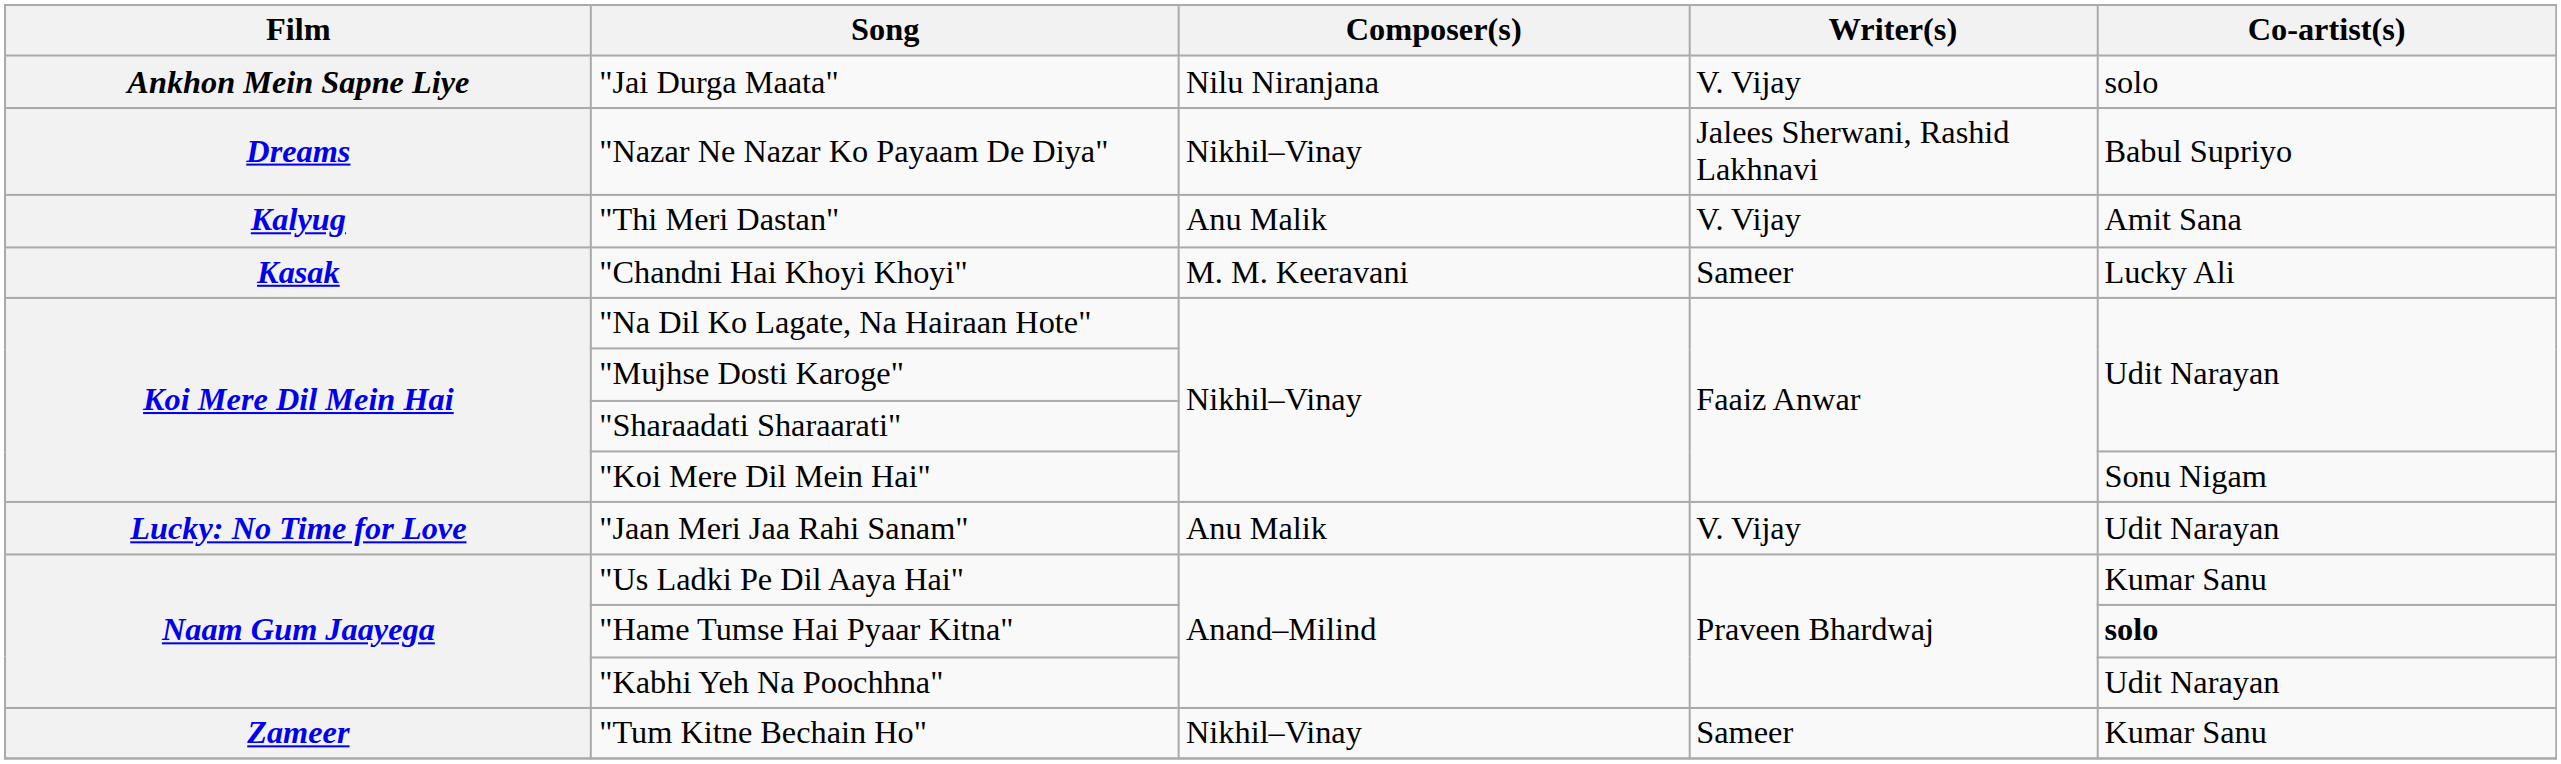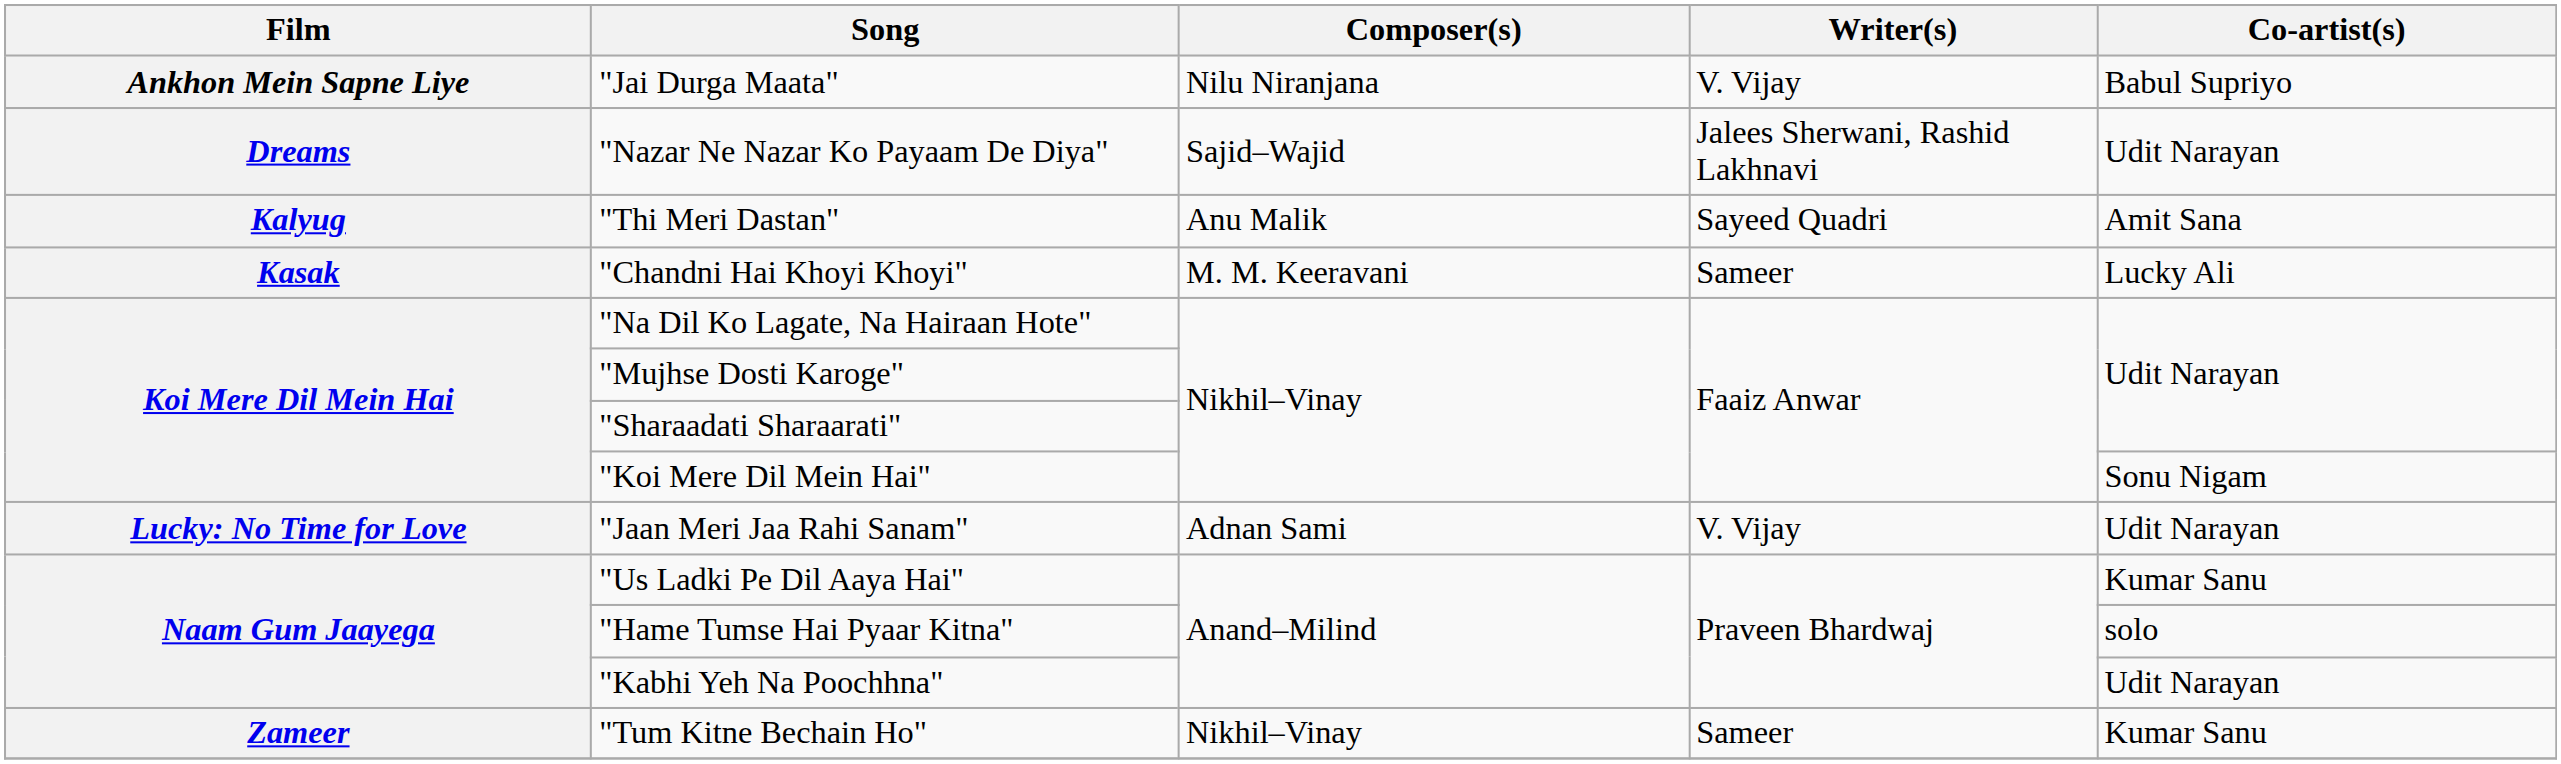 <table class="wikitable plainrowheaders" style="width:100%; textcolor:#000">
 <tr style="background:#b0e0e66;">
 <th scope="col" style="width:23%;"><strong>Film</strong></th>
 <th scope="col" style="width:23%;"><strong>Song</strong></th>
 <th scope="col" style="width:20%;"><strong>Composer(s)</strong></th>
 <th scope="col" style="width:16%;"><strong>Writer(s)</strong></th>
 <th scope="col" style="width:18%;"><strong>Co-artist(s)</strong></th>
 </tr>
 <tr>
 <th><em>Ankhon Mein Sapne Liye</em></th>
 <td>"Jai Durga Maata"</td>
 <td>Nilu Niranjana</td>
 <td>V. Vijay</td>
-<td>solo</td>
+<td>Babul Supriyo</td>
 </tr>
 <tr>
 <th><em><a href='#'>Dreams</a></em></th>
 <td>"Nazar Ne Nazar Ko Payaam De Diya"</td>
-<td>Nikhil–Vinay</td>
+<td>Sajid–Wajid</td>
 <td>Jalees Sherwani, Rashid Lakhnavi</td>
-<td>Babul Supriyo</td>
+<td>Udit Narayan</td>
 </tr>
 <tr>
 <th><em><a href='#'>Kalyug</a></em></th>
 <td>"Thi Meri Dastan"</td>
 <td>Anu Malik</td>
-<td>V. Vijay</td>
+<td>Sayeed Quadri</td>
 <td>Amit Sana</td>
 </tr>
 <tr>
 <th><em><a href='#'>Kasak</a></em></th>
 <td>"Chandni Hai Khoyi Khoyi"</td>
 <td>M. M. Keeravani</td>
 <td>Sameer</td>
 <td>Lucky Ali</td>
 </tr>
 <tr>
 <th Rowspan=4><em><a href='#'>Koi Mere Dil Mein Hai</a></em></th>
 <td>"Na Dil Ko Lagate, Na Hairaan Hote"</td>
 <td rowspan=4>Nikhil–Vinay</td>
 <td rowspan=4>Faaiz Anwar</td>
 <td rowspan=3>Udit Narayan</td>
 </tr>
 <tr>
 <td>"Mujhse Dosti Karoge"</td>
 </tr>
 <tr>
 <td>"Sharaadati Sharaarati"</td>
 </tr>
 <tr>
 <td>"Koi Mere Dil Mein Hai"</td>
 <td>Sonu Nigam</td>
 </tr>
 <tr>
 <th><em><a href='#'>Lucky: No Time for Love</a></em></th>
 <td>"Jaan Meri Jaa Rahi Sanam"</td>
-<td>Anu Malik</td>
+<td>Adnan Sami</td>
 <td>V. Vijay</td>
 <td>Udit Narayan</td>
 </tr>
 <tr>
 <th Rowspan=3><em><a href='#'>Naam Gum Jaayega</a></em></th>
 <td>"Us Ladki Pe Dil Aaya Hai"</td>
 <td rowspan=3>Anand–Milind</td>
 <td rowspan=3>Praveen Bhardwaj</td>
 <td>Kumar Sanu</td>
 </tr>
 <tr>
 <td>"Hame Tumse Hai Pyaar Kitna"</td>
-<td><strong>solo</strong></td>
+<td>solo</td>
 </tr>
 <tr>
 <td>"Kabhi Yeh Na Poochhna"</td>
 <td>Udit Narayan</td>
 </tr>
 <tr>
 <th><em><a href='#'>Zameer</a></em></th>
 <td>"Tum Kitne Bechain Ho"</td>
 <td>Nikhil–Vinay</td>
 <td>Sameer</td>
 <td>Kumar Sanu</td>
 </tr>
 <tr>
 </tr>
 </table>
